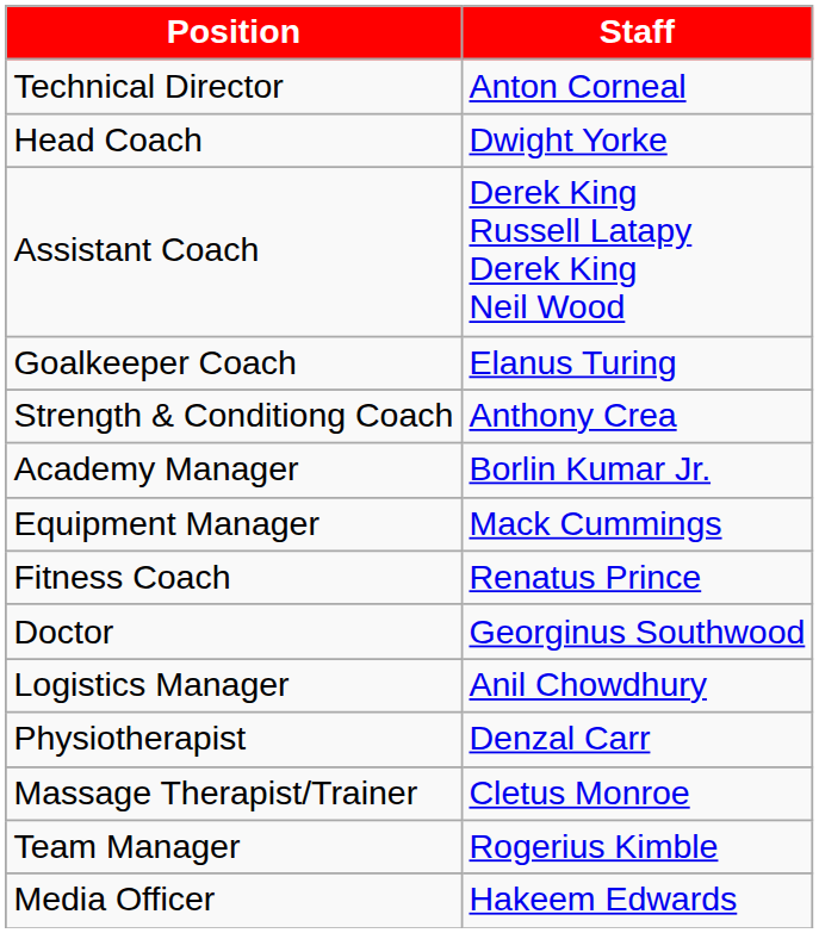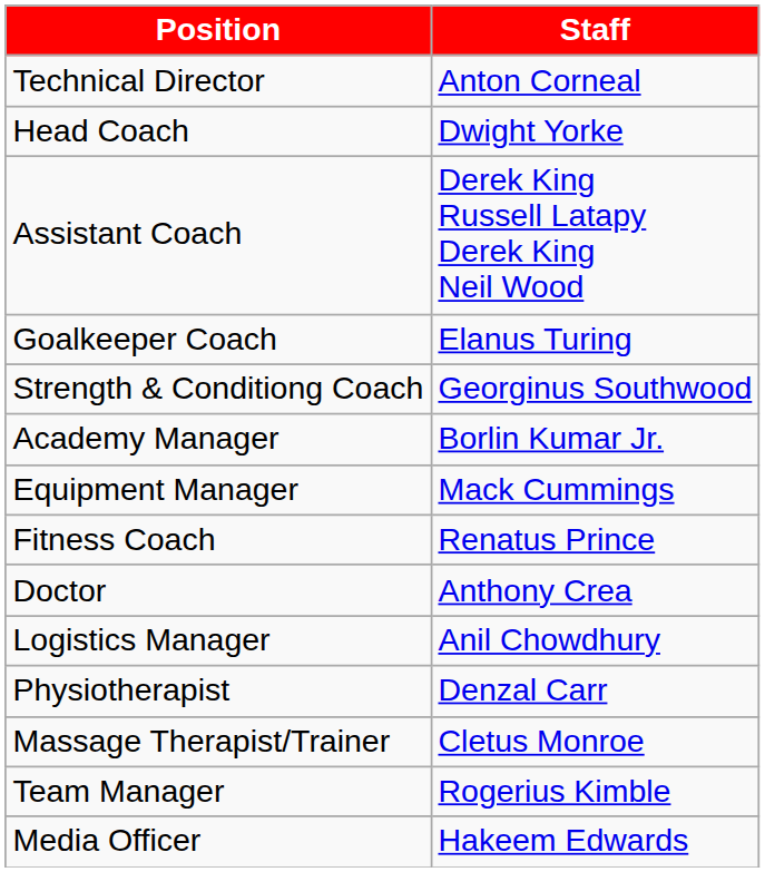 <table class="wikitable">
 <tr>
 <th style="color:#FFFFFF;background:#FF0000">Position</th>
 <th style="color:#FFFFFF;background:#FF0000">Staff</th>
 </tr>
 <tr>
 <td>Technical Director</td>
 <td> <a href='#'>Anton Corneal</a></td>
 </tr>
 <tr>
 <td>Head Coach</td>
 <td> <a href='#'>Dwight Yorke</a></td>
 </tr>
 <tr>
 <td>Assistant Coach</td>
 <td> <a href='#'>Derek King</a><br> <a href='#'>Russell Latapy</a><br> <a href='#'>Derek King</a><br> <a href='#'>Neil Wood</a></td>
 </tr>
 <tr>
 <td>Goalkeeper Coach</td>
 <td> <a href='#'>Elanus Turing</a></td>
 </tr>
 <tr>
 <td>Strength & Conditiong Coach</td>
-<td> <a href='#'>Anthony Crea</a></td>
+<td> <a href='#'>Georginus Southwood</a></td>
 </tr>
 <tr>
 <td>Academy Manager</td>
 <td> <a href='#'>Borlin Kumar Jr.</a></td>
 </tr>
 <tr>
 <td>Equipment Manager</td>
 <td> <a href='#'>Mack Cummings</a></td>
 </tr>
 <tr>
 <td>Fitness Coach</td>
 <td> <a href='#'>Renatus Prince</a></td>
 </tr>
 <tr>
 <td>Doctor</td>
-<td> <a href='#'>Georginus Southwood</a></td>
+<td> <a href='#'>Anthony Crea</a></td>
 </tr>
 <tr>
 <td>Logistics Manager</td>
 <td> <a href='#'>Anil Chowdhury</a></td>
 </tr>
 <tr>
 <td>Physiotherapist</td>
 <td> <a href='#'>Denzal Carr</a></td>
 </tr>
 <tr>
 <td>Massage Therapist/Trainer</td>
 <td> <a href='#'>Cletus Monroe</a></td>
 </tr>
 <tr>
 <td>Team Manager</td>
 <td> <a href='#'>Rogerius Kimble</a></td>
 </tr>
 <tr>
 <td>Media Officer</td>
 <td> <a href='#'>Hakeem Edwards</a></td>
 </tr>
 </table>
